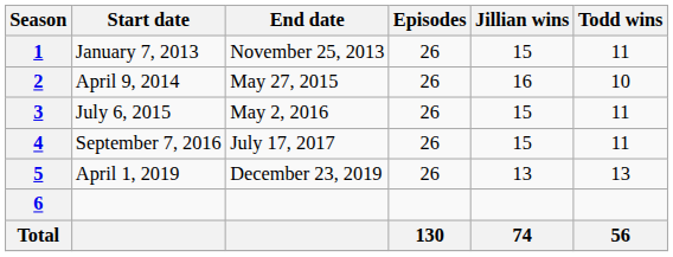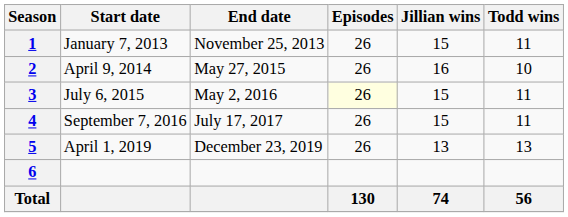 <table class="wikitable">
 <tr>
 <th>Season</th>
 <th>Start date</th>
 <th>End date</th>
 <th>Episodes</th>
 <th>Jillian wins</th>
 <th>Todd wins</th>
 </tr>
 <tr>
 <th><a href='#'>1</a></th>
 <td>January 7, 2013</td>
 <td>November 25, 2013</td>
 <td align=center>26</td>
 <td align=center>15</td>
 <td align=center>11</td>
 </tr>
 <tr>
 <th><a href='#'>2</a></th>
 <td>April 9, 2014</td>
 <td>May 27, 2015</td>
 <td align=center>26</td>
 <td align=center>16</td>
 <td align=center>10</td>
 </tr>
 <tr>
 <th><a href='#'>3</a></th>
 <td>July 6, 2015</td>
 <td>May 2, 2016</td>
-<td align=center>26</td>
+<td align=center style="background: lightyellow;">26</td>
 <td align=center>15</td>
 <td align=center>11</td>
 </tr>
 <tr>
 <th><a href='#'>4</a></th>
 <td>September 7, 2016</td>
 <td>July 17, 2017</td>
 <td align=center>26</td>
 <td align=center>15</td>
 <td align=center>11</td>
 </tr>
 <tr>
 <th><a href='#'>5</a></th>
 <td>April 1, 2019</td>
 <td>December 23, 2019</td>
 <td align=center>26</td>
 <td align=center>13</td>
 <td align=center>13</td>
 </tr>
 <tr>
 <th><a href='#'>6</a></th>
 <td></td>
 <td></td>
 <td align=center></td>
 <td align=center></td>
 <td align=center></td>
 </tr>
 <tr>
 <th>Total</th>
 <th></th>
 <th></th>
 <th>130</th>
 <th>74</th>
 <th>56</th>
 </tr>
 <tr>
 </tr>
 </table>
